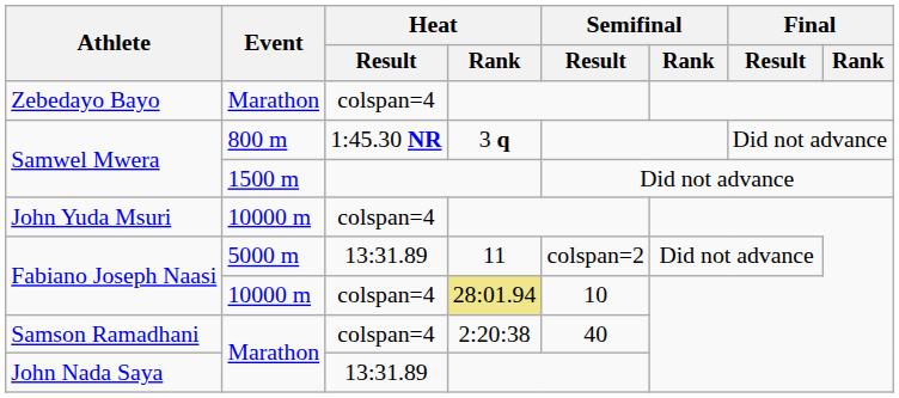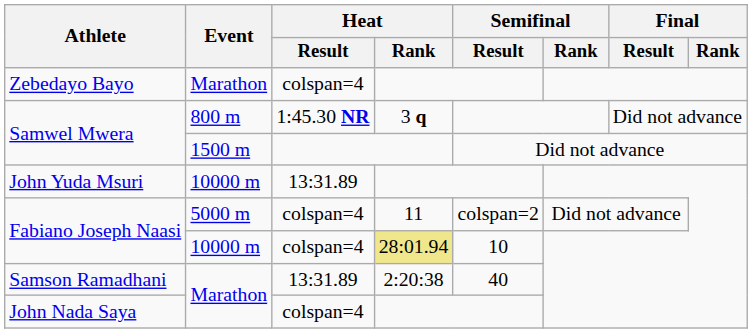 <table class=wikitable style="font-size:90%">
 <tr>
 <th rowspan="2">Athlete</th>
 <th rowspan="2">Event</th>
 <th colspan="2">Heat</th>
 <th colspan="2">Semifinal</th>
 <th colspan="2">Final</th>
 </tr>
 <tr style="font-size:95%">
 <th>Result</th>
 <th>Rank</th>
 <th>Result</th>
 <th>Rank</th>
 <th>Result</th>
 <th>Rank</th>
 </tr>
 <tr align=center>
 <td align=left><a href='#'>Zebedayo Bayo</a></td>
 <td align=left><a href='#'>Marathon</a></td>
 <td>colspan=4 </td>
 <td colspan=2></td>
 </tr>
 <tr align=center>
 <td align=left rowspan=2><a href='#'>Samwel Mwera</a></td>
 <td align=left><a href='#'>800 m</a></td>
 <td>1:45.30 <strong><a href='#'>NR</a></strong></td>
 <td>3 <strong>q</strong></td>
 <td colspan=2></td>
 <td colspan=2>Did not advance</td>
 </tr>
 <tr align=center>
 <td align=left><a href='#'>1500 m</a></td>
 <td colspan=2></td>
 <td colspan=4>Did not advance</td>
 </tr>
 <tr align=center>
 <td align=left><a href='#'>John Yuda Msuri</a></td>
 <td align=left><a href='#'>10000 m</a></td>
-<td>colspan=4 </td>
+<td>13:31.89</td>
 <td colspan=2></td>
 </tr>
 <tr align=center>
 <td align=left rowspan=2><a href='#'>Fabiano Joseph Naasi</a></td>
 <td align=left><a href='#'>5000 m</a></td>
-<td>13:31.89</td>
+<td>colspan=4 </td>
 <td>11</td>
 <td>colspan=2 </td>
 <td colspan=2>Did not advance</td>
 </tr>
 <tr align=center>
 <td align=left><a href='#'>10000 m</a></td>
 <td>colspan=4 </td>
 <td style="background: khaki;">28:01.94</td>
 <td>10</td>
 </tr>
 <tr align=center>
 <td align=left><a href='#'>Samson Ramadhani</a></td>
 <td align=left rowspan=2><a href='#'>Marathon</a></td>
-<td>colspan=4 </td>
+<td>13:31.89</td>
 <td>2:20:38</td>
 <td>40</td>
 </tr>
 <tr align=center>
 <td align=left><a href='#'>John Nada Saya</a></td>
-<td>13:31.89</td>
+<td>colspan=4 </td>
 <td colspan=2></td>
 </tr>
 </table>
